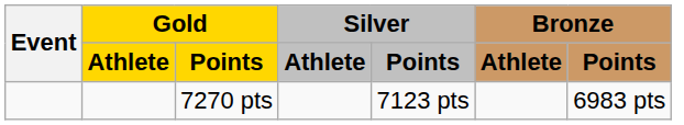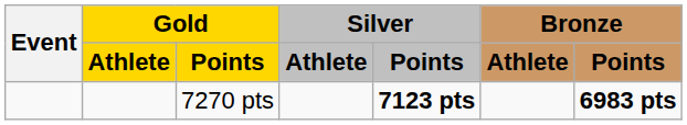 <table class="wikitable">
 <tr>
 <th scope="col" rowspan=2>Event</th>
 <th scope="colgroup" colspan=2 style="background: gold;">Gold</th>
 <th scope="colgroup" colspan=2 style="background: silver;">Silver</th>
 <th scope="colgroup" colspan=2 style="background: #cc9966;">Bronze</th>
 </tr>
 <tr>
 <th scope="col" style="background-color:gold;">Athlete</th>
 <th scope="col" style="background-color:gold;">Points</th>
 <th scope="col" style="background-color:silver;">Athlete</th>
 <th scope="col" style="background-color:silver;">Points</th>
 <th scope="col" style="background-color:#cc9966;">Athlete</th>
 <th scope="col" style="background-color:#cc9966;">Points</th>
 </tr>
 <tr>
 <td></td>
 <td></td>
 <td>7270 pts</td>
 <td></td>
-<td>7123 pts</td>
+<td><strong>7123 pts</strong></td>
 <td></td>
-<td>6983 pts</td>
+<td><strong>6983 pts</strong></td>
 </tr>
 </table>
